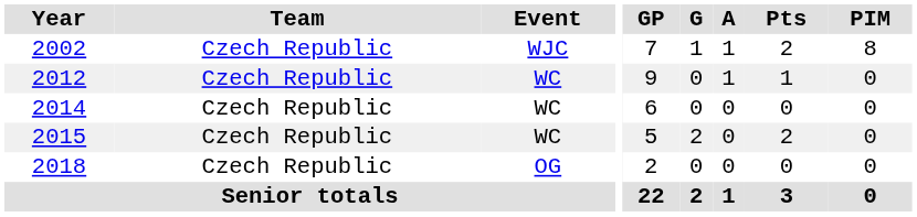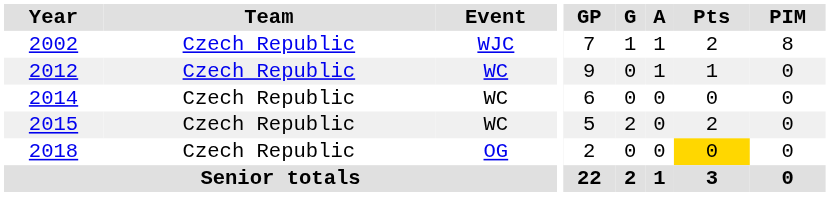 <table border="0" cellpadding="1" cellspacing="0" ID="Table3" style="text-align:center; width:40em">
 <tr ALIGN="center" bgcolor="#e0e0e0">
 <th>Year</th>
 <th>Team</th>
 <th>Event</th>
 <th rowspan="99" bgcolor="#ffffff"></th>
 <th>GP</th>
 <th>G</th>
 <th>A</th>
 <th>Pts</th>
 <th>PIM</th>
 </tr>
 <tr>
 <td><a href='#'>2002</a></td>
 <td><a href='#'>Czech Republic</a></td>
 <td><a href='#'>WJC</a></td>
 <td>7</td>
 <td>1</td>
 <td>1</td>
 <td>2</td>
 <td>8</td>
 </tr>
 <tr bgcolor="#f0f0f0">
 <td><a href='#'>2012</a></td>
 <td><a href='#'>Czech Republic</a></td>
 <td><a href='#'>WC</a></td>
 <td>9</td>
 <td>0</td>
 <td>1</td>
 <td>1</td>
 <td>0</td>
 </tr>
 <tr>
 <td><a href='#'>2014</a></td>
 <td>Czech Republic</td>
 <td>WC</td>
 <td>6</td>
 <td>0</td>
 <td>0</td>
 <td>0</td>
 <td>0</td>
 </tr>
 <tr bgcolor="#f0f0f0">
 <td><a href='#'>2015</a></td>
 <td>Czech Republic</td>
 <td>WC</td>
 <td>5</td>
 <td>2</td>
 <td>0</td>
 <td>2</td>
 <td>0</td>
 </tr>
 <tr>
 <td><a href='#'>2018</a></td>
 <td>Czech Republic</td>
 <td><a href='#'>OG</a></td>
 <td>2</td>
 <td>0</td>
 <td>0</td>
-<td>0</td>
+<td style="background: gold;">0</td>
 <td>0</td>
 </tr>
 <tr bgcolor="#e0e0e0">
 <th colspan="3">Senior totals</th>
 <th>22</th>
 <th>2</th>
 <th>1</th>
 <th>3</th>
 <th>0</th>
 </tr>
 </table>
